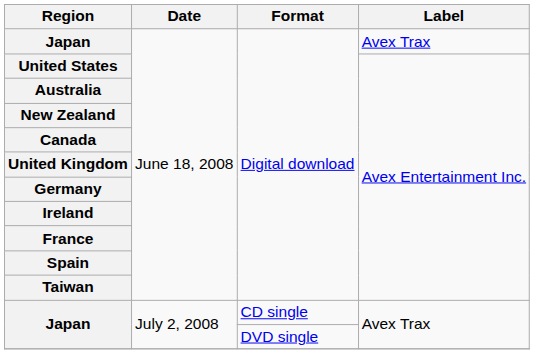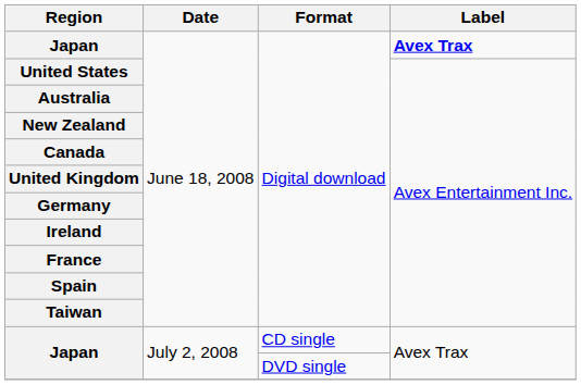 <table class="wikitable plainrowheaders">
 <tr>
 <th scope="col">Region</th>
 <th scope="col">Date</th>
 <th scope="col">Format</th>
 <th scope="col">Label</th>
 </tr>
 <tr>
 <th scope="row">Japan</th>
 <td rowspan="11">June 18, 2008</td>
 <td rowspan="11"><a href='#'>Digital download</a></td>
-<td><a href='#'>Avex Trax</a></td>
+<td><strong><a href='#'>Avex Trax</a></strong></td>
 </tr>
 <tr>
 <th scope="row">United States</th>
 <td rowspan="10"><a href='#'>Avex Entertainment Inc.</a></td>
 </tr>
 <tr>
 <th scope="row">Australia</th>
 </tr>
 <tr>
 <th scope="row">New Zealand</th>
 </tr>
 <tr>
 <th scope="row">Canada</th>
 </tr>
 <tr>
 <th scope="row">United Kingdom</th>
 </tr>
 <tr>
 <th scope="row">Germany</th>
 </tr>
 <tr>
 <th scope="row">Ireland</th>
 </tr>
 <tr>
 <th scope="row">France</th>
 </tr>
 <tr>
 <th scope="row">Spain</th>
 </tr>
 <tr>
 <th scope="row">Taiwan</th>
 </tr>
 <tr>
 <th scope="row" rowspan="2">Japan</th>
 <td rowspan="2">July 2, 2008</td>
 <td><a href='#'>CD single</a></td>
 <td rowspan="2">Avex Trax</td>
 </tr>
 <tr>
 <td><a href='#'>DVD single</a></td>
 </tr>
 <tr>
 </tr>
 </table>
